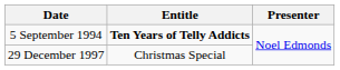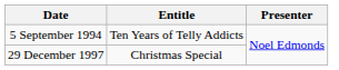 <table class="wikitable" style="text-align:center;">
 <tr>
 <th>Date</th>
 <th>Entitle</th>
 <th>Presenter</th>
 </tr>
 <tr>
 <td>5 September 1994</td>
-<td><strong>Ten Years of Telly Addicts</strong></td>
+<td>Ten Years of Telly Addicts</td>
 <td rowspan="2"=><a href='#'>Noel Edmonds</a></td>
 </tr>
 <tr>
 <td>29 December 1997</td>
 <td>Christmas Special</td>
 </tr>
 </table>
